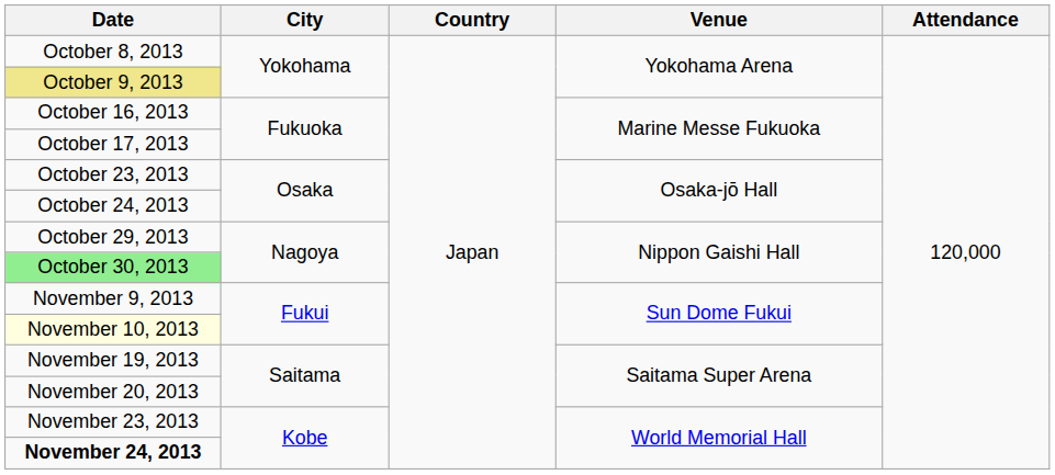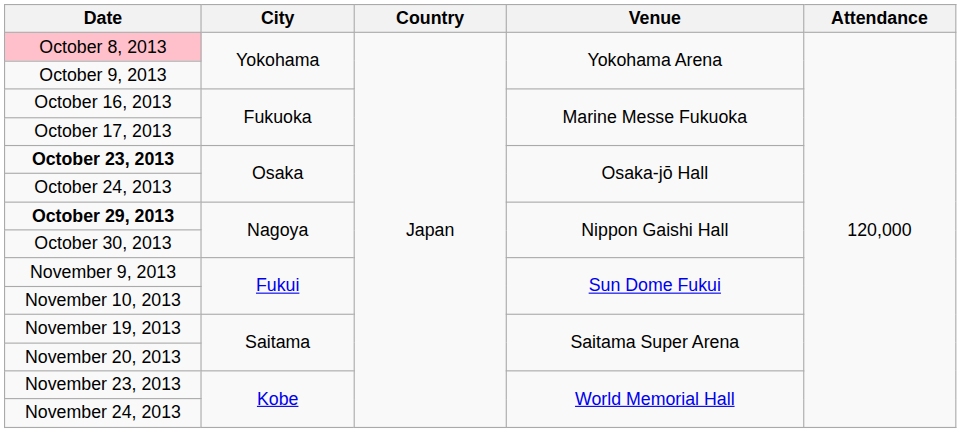 <table class="wikitable" style="text-align:center;">
 <tr>
 <th width="170">Date</th>
 <th width="130">City</th>
 <th width="130">Country</th>
 <th width="260">Venue</th>
 <th width="130">Attendance</th>
 </tr>
 <tr>
-<td>October 8, 2013</td>
+<td style="background: pink;">October 8, 2013</td>
 <td rowspan="2">Yokohama</td>
 <td rowspan="14">Japan</td>
 <td rowspan="2">Yokohama Arena</td>
 <td rowspan="14">120,000</td>
 </tr>
 <tr>
-<td style="background: khaki;">October 9, 2013</td>
+<td>October 9, 2013</td>
 </tr>
 <tr>
 <td>October 16, 2013</td>
 <td rowspan="2">Fukuoka</td>
 <td rowspan="2">Marine Messe Fukuoka</td>
 </tr>
 <tr>
 <td>October 17, 2013</td>
 </tr>
 <tr>
-<td>October 23, 2013</td>
+<td><strong>October 23, 2013</strong></td>
 <td rowspan="2">Osaka</td>
 <td rowspan="2">Osaka-jō Hall</td>
 </tr>
 <tr>
 <td>October 24, 2013</td>
 </tr>
 <tr>
-<td>October 29, 2013</td>
+<td><strong>October 29, 2013</strong></td>
 <td rowspan="2">Nagoya</td>
 <td rowspan="2">Nippon Gaishi Hall</td>
 </tr>
 <tr>
-<td style="background: lightgreen;">October 30, 2013</td>
+<td>October 30, 2013</td>
 </tr>
 <tr>
 <td>November 9, 2013</td>
 <td rowspan="2"><a href='#'>Fukui</a></td>
 <td rowspan="2"><a href='#'>Sun Dome Fukui</a></td>
 </tr>
 <tr>
-<td style="background: lightyellow;">November 10, 2013</td>
+<td>November 10, 2013</td>
 </tr>
 <tr>
 <td>November 19, 2013</td>
 <td rowspan="2">Saitama</td>
 <td rowspan="2">Saitama Super Arena</td>
 </tr>
 <tr>
 <td>November 20, 2013</td>
 </tr>
 <tr>
 <td>November 23, 2013</td>
 <td rowspan="2"><a href='#'>Kobe</a></td>
 <td rowspan="2"><a href='#'>World Memorial Hall</a></td>
 </tr>
 <tr>
-<td><strong>November 24, 2013</strong></td>
+<td>November 24, 2013</td>
 </tr>
 </table>
